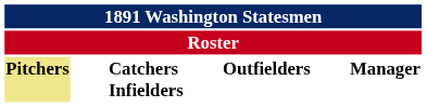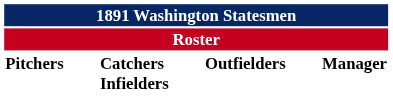 <table class="toccolours" style="font-size: 95%;">
 <tr>
 <th colspan="10" style="background-color: #072764; color: white; text-align: center;">1891 Washington Statesmen</th>
 </tr>
 <tr>
 <td colspan="10" style="background-color: #c6011f; color: white; text-align: center;"><strong>Roster</strong></td>
 </tr>
 <tr>
-<td valign="top" style="background: khaki;"><strong>Pitchers</strong><br>          </td>
+<td valign="top"><strong>Pitchers</strong><br>          </td>
 <td width="25px"></td>
 <td valign="top"><strong>Catchers</strong><br>    <strong>Infielders</strong>            </td>
 <td width="25px"></td>
 <td valign="top"><strong>Outfielders</strong><br>          </td>
 <td width="25px"></td>
 <td valign="top"><strong>Manager</strong><br>   </td>
 </tr>
 </table>
